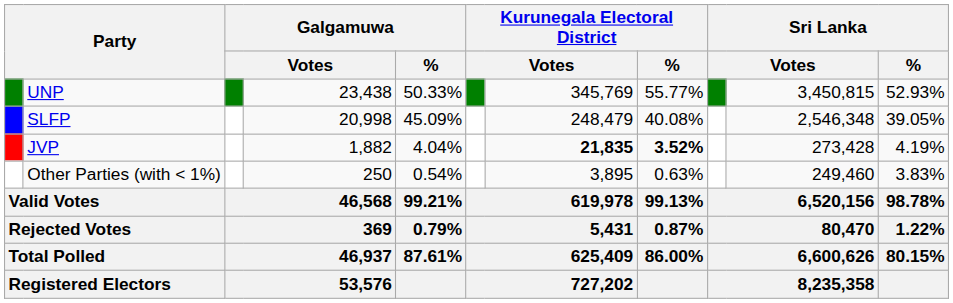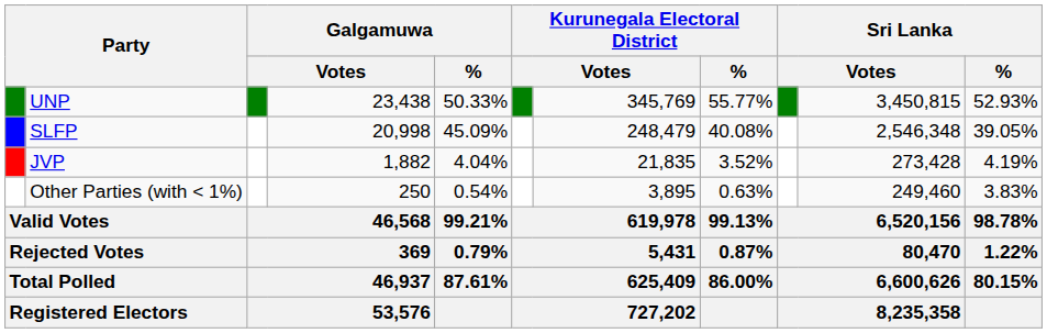 <table class="wikitable">
 <tr>
 <th colspan="2" width="144px"rowspan="2">Party</th>
 <th colspan="3" width="216px">Galgamuwa</th>
 <th colspan="3" width="216px"><a href='#'>Kurunegala Electoral District</a></th>
 <th colspan="3" width="216px">Sri Lanka</th>
 </tr>
 <tr>
 <th colspan="2" width="144px">Votes</th>
 <th>%</th>
 <th colspan="2" width="144px">Votes</th>
 <th>%</th>
 <th colspan="2" width="144px">Votes</th>
 <th>%</th>
 </tr>
 <tr>
 <td style="background-color:green;" width="10px"></td>
 <td style="text-align:left;"><a href='#'>UNP</a></td>
 <td style="background-color:green;" width="10px"></td>
 <td style="text-align:right;">23,438</td>
 <td style="text-align:right;">50.33%</td>
 <td style="background-color:green;" width="10px"></td>
 <td style="text-align:right;">345,769</td>
 <td style="text-align:right;">55.77%</td>
 <td style="background-color:green;" width="10px"></td>
 <td style="text-align:right;">3,450,815</td>
 <td style="text-align:right;">52.93%</td>
 </tr>
 <tr>
 <td style="background-color:blue;" width="10px"></td>
 <td style="text-align:left;"><a href='#'>SLFP</a></td>
 <td style="background-color:white;" width="10px"></td>
 <td style="text-align:right;">20,998</td>
 <td style="text-align:right;">45.09%</td>
 <td style="background-color:white;" width="10px"></td>
 <td style="text-align:right;">248,479</td>
 <td style="text-align:right;">40.08%</td>
 <td style="background-color:white;" width="10px"></td>
 <td style="text-align:right;">2,546,348</td>
 <td style="text-align:right;">39.05%</td>
 </tr>
 <tr>
 <td style="background-color:red;" width="10px"></td>
 <td style="text-align:left;"><a href='#'>JVP</a></td>
 <td style="background-color:white;" width="10px"></td>
 <td style="text-align:right;">1,882</td>
 <td style="text-align:right;">4.04%</td>
 <td style="background-color:white;" width="10px"></td>
-<td style="text-align:right;"><strong>21,835</strong></td>
-<td style="text-align:right;"><strong>3.52%</strong></td>
+<td style="text-align:right;">21,835</td>
+<td style="text-align:right;">3.52%</td>
 <td style="background-color:white;" width="10px"></td>
 <td style="text-align:right;">273,428</td>
 <td style="text-align:right;">4.19%</td>
 </tr>
 <tr>
 <td style="background-color:white;" width="10px"></td>
 <td style="text-align:left;">Other Parties (with < 1%)</td>
 <td style="background-color:white;" width="10px"></td>
 <td style="text-align:right;">250</td>
 <td style="text-align:right;">0.54%</td>
 <td style="background-color:white;" width="10px"></td>
 <td style="text-align:right;">3,895</td>
 <td style="text-align:right;">0.63%</td>
 <td style="background-color:white;" width="10px"></td>
 <td style="text-align:right;">249,460</td>
 <td style="text-align:right;">3.83%</td>
 </tr>
 <tr>
 <th colspan="2" width="144px"style="text-align:left;">Valid Votes</th>
 <th style="text-align:right;"colspan="2" width="144px">46,568</th>
 <th style="text-align:right;">99.21%</th>
 <th style="text-align:right;"colspan="2" width="144px">619,978</th>
 <th style="text-align:right;">99.13%</th>
 <th style="text-align:right;"colspan="2" width="144px">6,520,156</th>
 <th style="text-align:right;">98.78%</th>
 </tr>
 <tr>
 <th colspan="2" width="144px"style="text-align:left;">Rejected Votes</th>
 <th style="text-align:right;"colspan="2" width="144px">369</th>
 <th style="text-align:right;">0.79%</th>
 <th style="text-align:right;"colspan="2" width="144px">5,431</th>
 <th style="text-align:right;">0.87%</th>
 <th style="text-align:right;"colspan="2" width="144px">80,470</th>
 <th style="text-align:right;">1.22%</th>
 </tr>
 <tr>
 <th colspan="2" width="144px"style="text-align:left;">Total Polled</th>
 <th style="text-align:right;"colspan="2" width="144px">46,937</th>
 <th style="text-align:right;">87.61%</th>
 <th style="text-align:right;"colspan="2" width="144px">625,409</th>
 <th style="text-align:right;">86.00%</th>
 <th style="text-align:right;"colspan="2" width="144px">6,600,626</th>
 <th style="text-align:right;">80.15%</th>
 </tr>
 <tr>
 <th colspan="2" width="144px"style="text-align:left;">Registered Electors</th>
 <th style="text-align:right;"colspan="2" width="144px">53,576</th>
 <th></th>
 <th style="text-align:right;"colspan="2" width="144px">727,202</th>
 <th></th>
 <th style="text-align:right;"colspan="2" width="144px">8,235,358</th>
 <th></th>
 </tr>
 </table>
